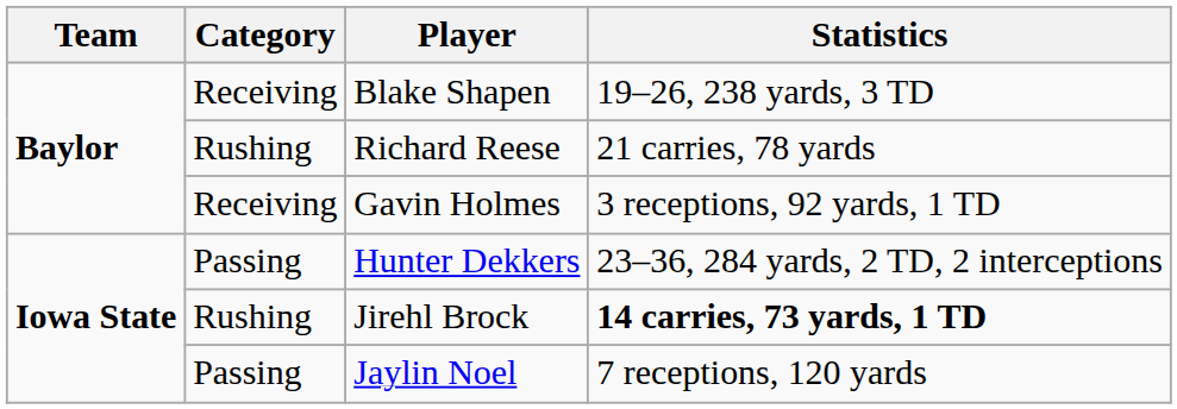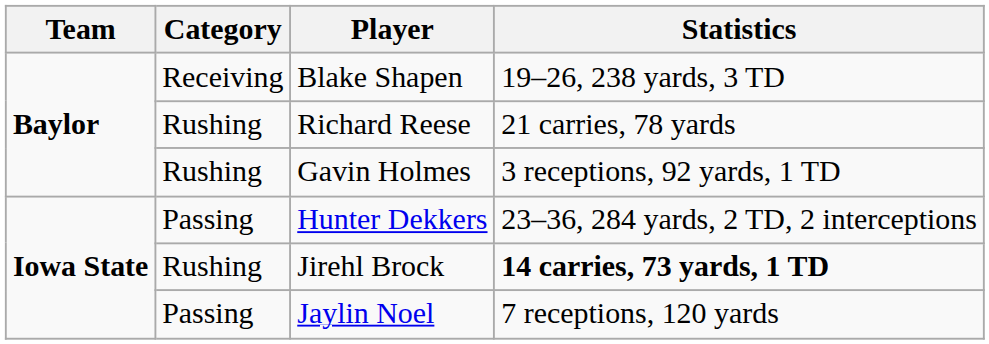 <table class="wikitable" style="float: right;">
 <tr>
 <th>Team</th>
 <th>Category</th>
 <th>Player</th>
 <th>Statistics</th>
 </tr>
 <tr>
 <td rowspan=3><strong>Baylor</strong></td>
 <td>Receiving</td>
 <td>Blake Shapen</td>
 <td>19–26, 238 yards, 3 TD</td>
 </tr>
 <tr>
 <td>Rushing</td>
 <td>Richard Reese</td>
 <td>21 carries, 78 yards</td>
 </tr>
 <tr>
-<td>Receiving</td>
+<td>Rushing</td>
 <td>Gavin Holmes</td>
 <td>3 receptions, 92 yards, 1 TD</td>
 </tr>
 <tr>
 <td rowspan=3><strong>Iowa State</strong></td>
 <td>Passing</td>
 <td><a href='#'>Hunter Dekkers</a></td>
 <td>23–36, 284 yards, 2 TD, 2 interceptions</td>
 </tr>
 <tr>
 <td>Rushing</td>
 <td>Jirehl Brock</td>
 <td><strong>14 carries, 73 yards, 1 TD</strong></td>
 </tr>
 <tr>
 <td>Passing</td>
 <td><a href='#'>Jaylin Noel</a></td>
 <td>7 receptions, 120 yards</td>
 </tr>
 </table>
